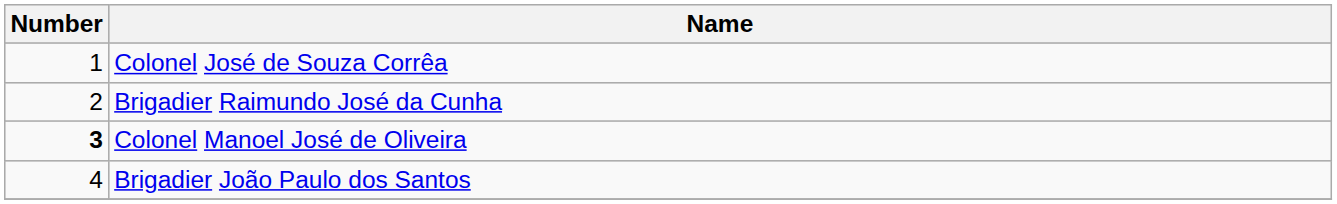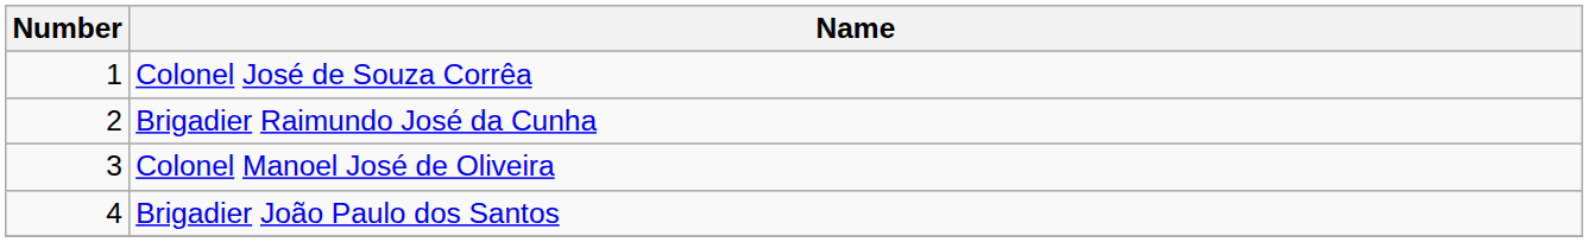 <table class="wikitable">
 <tr>
 <th width="5%">Number</th>
 <th>Name</th>
 </tr>
 <tr>
 <td align=right>1</td>
 <td rowspan=1><a href='#'>Colonel</a> <a href='#'>José de Souza Corrêa</a></td>
 </tr>
 <tr>
 <td align=right>2</td>
 <td><a href='#'>Brigadier</a> <a href='#'>Raimundo José da Cunha</a></td>
 </tr>
 <tr>
-<td align=right><strong>3</strong></td>
+<td align=right>3</td>
 <td><a href='#'>Colonel</a> <a href='#'>Manoel José de Oliveira</a></td>
 </tr>
 <tr>
 <td align=right>4</td>
 <td><a href='#'>Brigadier</a> <a href='#'>João Paulo dos Santos</a></td>
 </tr>
 <tr>
 </tr>
 </table>
